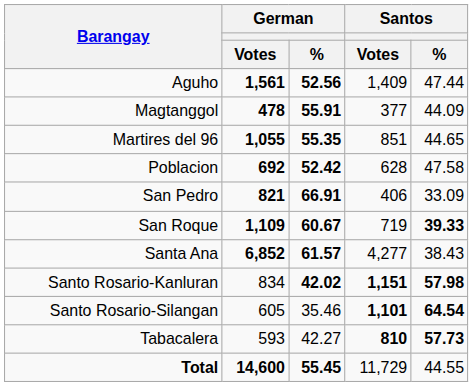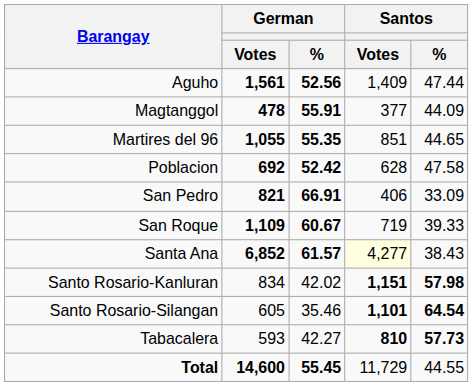 <table class="wikitable collapsible collapsed" style="text-align:right; font-size:95%; line-height:20px;">
 <tr>
 <th rowspan="3" width="200"><a href='#'>Barangay</a></th>
 <th colspan="2" width="110">German</th>
 <th colspan="2" width="110">Santos</th>
 </tr>
 <tr>
 <th colspan="2" style="background:"></th>
 <th colspan="2" style="background:"></th>
 </tr>
 <tr>
 <th>Votes</th>
 <th>%</th>
 <th>Votes</th>
 <th>%</th>
 </tr>
 <tr>
 <td>Aguho</td>
 <td style="background:#"><strong>1,561</strong></td>
 <td style="background:#"><strong>52.56</strong></td>
 <td>1,409</td>
 <td>47.44</td>
 </tr>
 <tr>
 <td>Magtanggol</td>
 <td style="background:#"><strong>478</strong></td>
 <td style="background:#"><strong>55.91</strong></td>
 <td>377</td>
 <td>44.09</td>
 </tr>
 <tr>
 <td>Martires del 96</td>
 <td style="background:#"><strong>1,055</strong></td>
 <td style="background:#"><strong>55.35</strong></td>
 <td>851</td>
 <td>44.65</td>
 </tr>
 <tr>
 <td>Poblacion</td>
 <td style="background:#"><strong>692</strong></td>
 <td style="background:#"><strong>52.42</strong></td>
 <td>628</td>
 <td>47.58</td>
 </tr>
 <tr>
 <td>San Pedro</td>
 <td style="background:#"><strong>821</strong></td>
 <td style="background:#"><strong>66.91</strong></td>
 <td>406</td>
 <td>33.09</td>
 </tr>
 <tr>
 <td>San Roque</td>
 <td style="background:#"><strong>1,109</strong></td>
 <td style="background:#"><strong>60.67</strong></td>
 <td>719</td>
-<td><strong>39.33</strong></td>
+<td>39.33</td>
 </tr>
 <tr>
 <td>Santa Ana</td>
 <td style="background:#"><strong>6,852</strong></td>
 <td style="background:#"><strong>61.57</strong></td>
-<td>4,277</td>
+<td style="background: lightyellow;">4,277</td>
 <td>38.43</td>
 </tr>
 <tr>
 <td>Santo Rosario-Kanluran</td>
 <td>834</td>
-<td><strong>42.02</strong></td>
+<td>42.02</td>
 <td style="background:#"><strong>1,151</strong></td>
 <td style="background:#"><strong>57.98</strong></td>
 </tr>
 <tr>
 <td>Santo Rosario-Silangan</td>
 <td>605</td>
 <td>35.46</td>
 <td style="background:#"><strong>1,101</strong></td>
 <td style="background:#"><strong>64.54</strong></td>
 </tr>
 <tr>
 <td>Tabacalera</td>
 <td>593</td>
 <td>42.27</td>
 <td style="background:#"><strong>810</strong></td>
 <td style="background:#"><strong>57.73</strong></td>
 </tr>
 <tr>
 <td><strong>Total</strong></td>
 <td style="background:#"><strong>14,600</strong></td>
 <td style="background:#"><strong>55.45</strong></td>
 <td>11,729</td>
 <td>44.55</td>
 </tr>
 </table>
